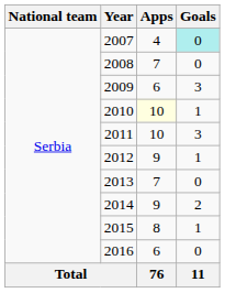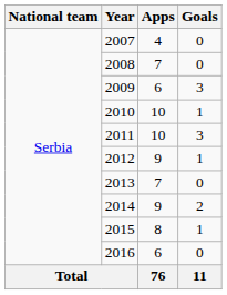 <table class="wikitable" style="text-align:center">
 <tr>
 <th>National team</th>
 <th>Year</th>
 <th>Apps</th>
 <th>Goals</th>
 </tr>
 <tr>
 <td rowspan="10"><a href='#'>Serbia</a></td>
 <td>2007</td>
 <td>4</td>
-<td style="background: paleturquoise;">0</td>
+<td>0</td>
 </tr>
 <tr>
 <td>2008</td>
 <td>7</td>
 <td>0</td>
 </tr>
 <tr>
 <td>2009</td>
 <td>6</td>
 <td>3</td>
 </tr>
 <tr>
 <td>2010</td>
-<td style="background: lightyellow;">10</td>
+<td>10</td>
 <td>1</td>
 </tr>
 <tr>
 <td>2011</td>
 <td>10</td>
 <td>3</td>
 </tr>
 <tr>
 <td>2012</td>
 <td>9</td>
 <td>1</td>
 </tr>
 <tr>
 <td>2013</td>
 <td>7</td>
 <td>0</td>
 </tr>
 <tr>
 <td>2014</td>
 <td>9</td>
 <td>2</td>
 </tr>
 <tr>
 <td>2015</td>
 <td>8</td>
 <td>1</td>
 </tr>
 <tr>
 <td>2016</td>
 <td>6</td>
 <td>0</td>
 </tr>
 <tr>
 <th colspan="2">Total</th>
 <th>76</th>
 <th>11</th>
 </tr>
 </table>
